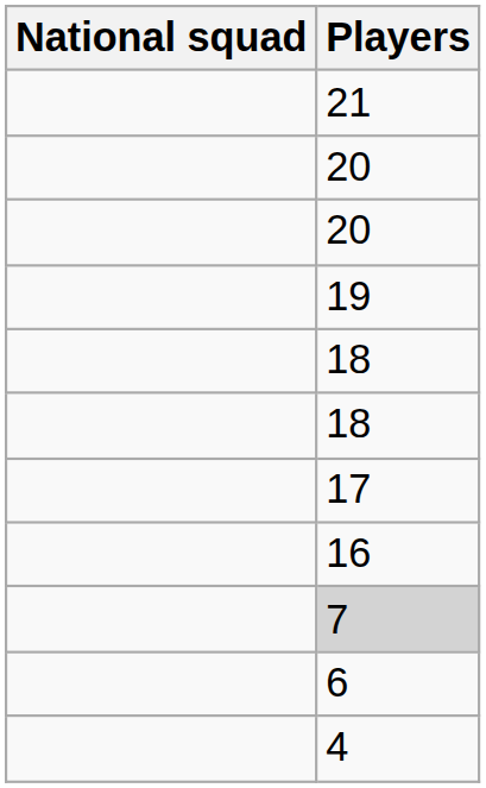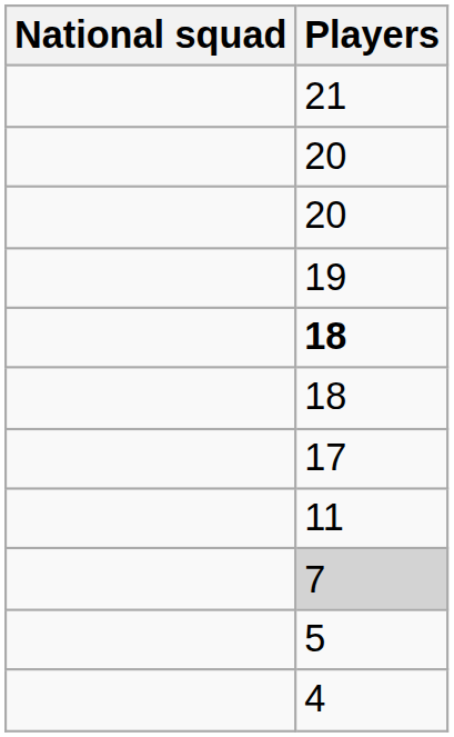 <table class="wikitable sortable">
 <tr>
 <th>National squad</th>
 <th>Players</th>
 </tr>
 <tr>
 <td></td>
 <td>21</td>
 </tr>
 <tr>
 <td></td>
 <td>20</td>
 </tr>
 <tr>
 <td></td>
 <td>20</td>
 </tr>
 <tr>
 <td></td>
 <td>19</td>
 </tr>
 <tr>
 <td></td>
-<td>18</td>
+<td><strong>18</strong></td>
 </tr>
 <tr>
 <td></td>
 <td>18</td>
 </tr>
 <tr>
 <td></td>
 <td>17</td>
 </tr>
 <tr>
 <td></td>
-<td>16</td>
+<td>11</td>
 </tr>
 <tr>
 <td></td>
 <td style="background: lightgrey;">7</td>
 </tr>
 <tr>
 <td></td>
-<td>6</td>
+<td>5</td>
 </tr>
 <tr>
 <td></td>
 <td>4</td>
 </tr>
 </table>
